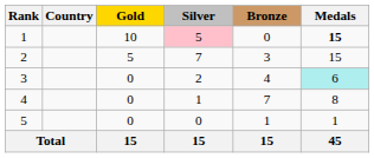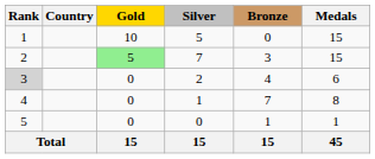 <table class="wikitable">
 <tr>
 <th>Rank</th>
 <th>Country</th>
 <th style="background:#FFD700;" width="75">Gold</th>
 <th style="background:#C0C0C0;" width="75">Silver</th>
 <th style="background:#CC9966;" width="75">Bronze</th>
 <th width="75">Medals</th>
 </tr>
 <tr align=center>
 <td>1</td>
 <td align=left></td>
 <td>10</td>
-<td style="background: pink;">5</td>
+<td>5</td>
 <td>0</td>
-<td><strong>15</strong></td>
+<td>15</td>
 </tr>
 <tr align=center>
 <td>2</td>
 <td align=left></td>
-<td>5</td>
+<td style="background: lightgreen;">5</td>
 <td>7</td>
 <td>3</td>
 <td>15</td>
 </tr>
 <tr align=center>
-<td>3</td>
+<td style="background: lightgrey;">3</td>
 <td align=left></td>
 <td>0</td>
 <td>2</td>
 <td>4</td>
-<td style="background: paleturquoise;">6</td>
+<td>6</td>
 </tr>
 <tr align=center>
 <td>4</td>
 <td align=left></td>
 <td>0</td>
 <td>1</td>
 <td>7</td>
 <td>8</td>
 </tr>
 <tr align=center>
 <td>5</td>
 <td align=left></td>
 <td>0</td>
 <td>0</td>
 <td>1</td>
 <td>1</td>
 </tr>
 <tr>
 <th colspan=2>Total</th>
 <th>15</th>
 <th>15</th>
 <th>15</th>
 <th>45</th>
 </tr>
 </table>
